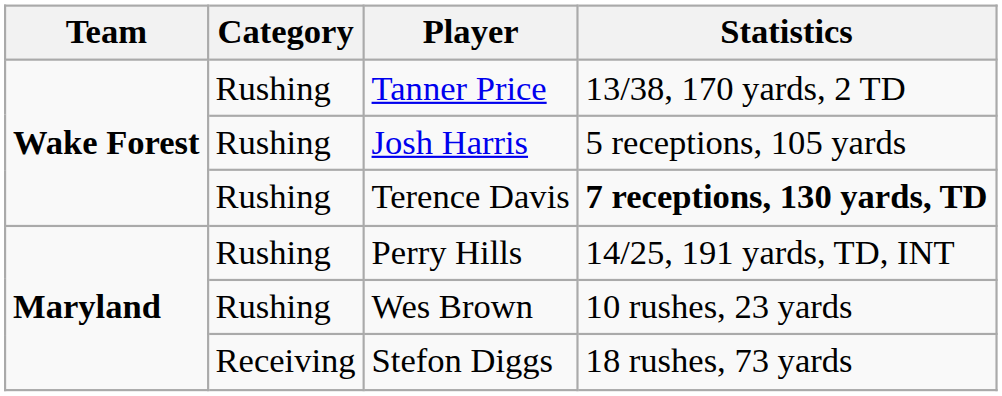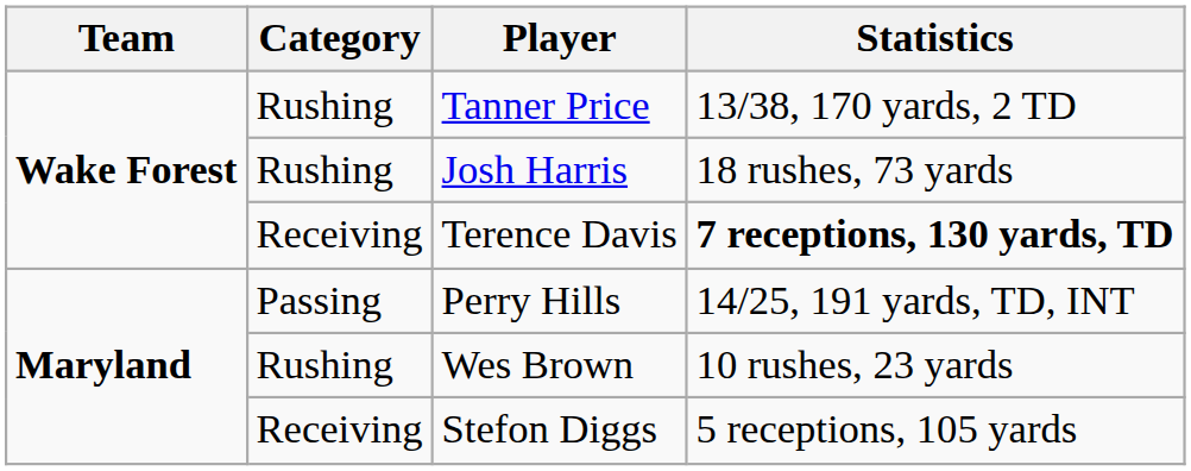 <table class="wikitable" style="float: left;">
 <tr>
 <th>Team</th>
 <th>Category</th>
 <th>Player</th>
 <th>Statistics</th>
 </tr>
 <tr>
 <td rowspan=3><strong>Wake Forest</strong></td>
 <td>Rushing</td>
 <td><a href='#'>Tanner Price</a></td>
 <td>13/38, 170 yards, 2 TD</td>
 </tr>
 <tr>
 <td>Rushing</td>
 <td><a href='#'>Josh Harris</a></td>
-<td>5 receptions, 105 yards</td>
+<td>18 rushes, 73 yards</td>
 </tr>
 <tr>
-<td>Rushing</td>
+<td>Receiving</td>
 <td>Terence Davis</td>
 <td><strong>7 receptions, 130 yards, TD</strong></td>
 </tr>
 <tr>
 <td rowspan=3><strong>Maryland</strong></td>
-<td>Rushing</td>
+<td>Passing</td>
 <td>Perry Hills</td>
 <td>14/25, 191 yards, TD, INT</td>
 </tr>
 <tr>
 <td>Rushing</td>
 <td>Wes Brown</td>
 <td>10 rushes, 23 yards</td>
 </tr>
 <tr>
 <td>Receiving</td>
 <td>Stefon Diggs</td>
-<td>18 rushes, 73 yards</td>
+<td>5 receptions, 105 yards</td>
 </tr>
 </table>
